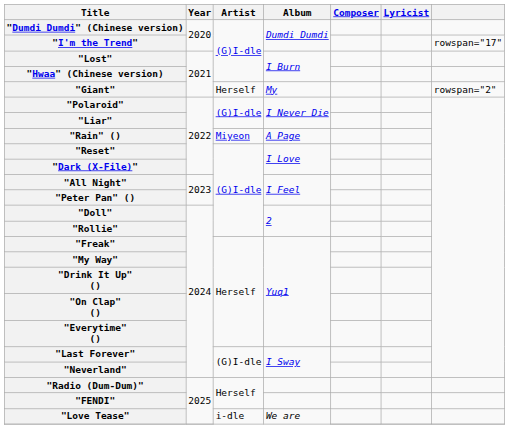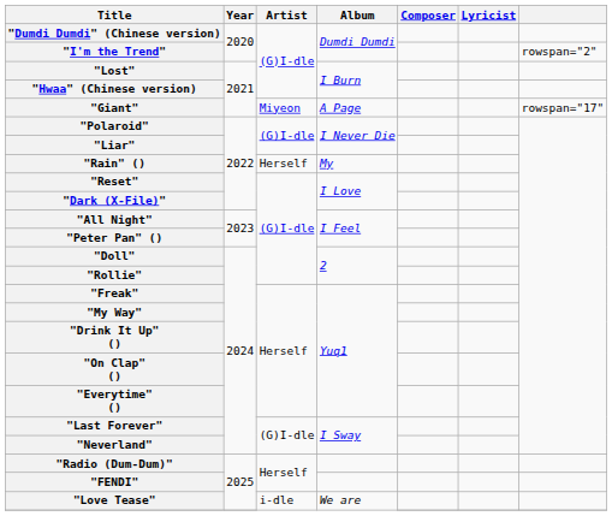 <table class="wikitable plainrowheaders">
 <tr>
 <th scope="col">Title</th>
 <th scope="col">Year</th>
 <th scope="col">Artist</th>
 <th scope="col">Album</th>
 <th scope="col"><a href='#'>Composer</a></th>
 <th scope="col"><a href='#'>Lyricist</a></th>
 <th scope="col" class="unsortable"></th>
 </tr>
 <tr>
 <th scope="row">"<a href='#'>Dumdi Dumdi</a>" (Chinese version)</th>
 <td rowspan="2" style="text-align:center">2020</td>
 <td rowspan="4"><a href='#'>(G)I-dle</a></td>
 <td rowspan="2"><em><a href='#'>Dumdi Dumdi</a></em></td>
 <td></td>
 <td></td>
 <td style="text-align:center"></td>
 </tr>
 <tr>
 <th scope="row">"<a href='#'>I'm the Trend</a>"</th>
 <td></td>
 <td></td>
-<td>rowspan="17"  </td>
+<td>rowspan="2" </td>
 </tr>
 <tr>
 <th scope="row">"Lost"</th>
 <td rowspan="3" style="text-align:center">2021</td>
 <td rowspan="2"><em><a href='#'>I Burn</a></em></td>
 <td></td>
 <td></td>
 </tr>
 <tr>
 <th scope="row">"<a href='#'>Hwaa</a>" (Chinese version)</th>
 <td></td>
 <td></td>
 <td style="text-align:center"></td>
 </tr>
 <tr>
 <th scope="row">"Giant"</th>
-<td>Herself</td>
-<td><em><a href='#'>My</a></em></td>
+<td><a href='#'>Miyeon</a></td>
+<td><em><a href='#'>A Page</a></em></td>
 <td></td>
 <td></td>
-<td>rowspan="2" </td>
+<td>rowspan="17"  </td>
 </tr>
 <tr>
 <th scope="row">"Polaroid"</th>
 <td rowspan="5" style="text-align:center">2022</td>
 <td rowspan="2"><a href='#'>(G)I-dle</a></td>
 <td rowspan="2"><em><a href='#'>I Never Die</a></em></td>
 <td></td>
 <td></td>
 </tr>
 <tr>
 <th scope="row">"Liar"</th>
 <td></td>
 <td></td>
 </tr>
 <tr>
 <th scope="row">"Rain" ()</th>
-<td><a href='#'>Miyeon</a></td>
-<td><em><a href='#'>A Page</a></em></td>
+<td>Herself</td>
+<td><em><a href='#'>My</a></em></td>
 <td></td>
 <td></td>
 </tr>
 <tr>
 <th scope="row">"Reset"</th>
 <td rowspan="6"><a href='#'>(G)I-dle</a></td>
 <td rowspan="2"><em><a href='#'>I Love</a></em></td>
 <td></td>
 <td></td>
 </tr>
 <tr>
 <th scope="row">"<a href='#'>Dark (X-File)</a>"</th>
 <td></td>
 <td></td>
 </tr>
 <tr>
 <th scope="row">"All Night"</th>
 <td rowspan="2" style="text-align:center">2023</td>
 <td rowspan="2"><em><a href='#'>I Feel</a></em></td>
 <td></td>
 <td></td>
 </tr>
 <tr>
 <th scope="row">"Peter Pan" ()</th>
 <td></td>
 <td></td>
 </tr>
 <tr>
 <th scope="row">"Doll"</th>
 <td rowspan="9" style="text-align:center">2024</td>
 <td rowspan="2"><em><a href='#'>2</a></em></td>
 <td></td>
 <td></td>
 </tr>
 <tr>
 <th scope="row">"Rollie"</th>
 <td></td>
 <td></td>
 </tr>
 <tr>
 <th scope="row">"Freak"</th>
 <td rowspan="5">Herself</td>
 <td rowspan="5"><em><a href='#'>Yuq1</a></em></td>
 <td></td>
 <td></td>
 </tr>
 <tr>
 <th scope="row">"My Way"</th>
 <td></td>
 <td></td>
 </tr>
 <tr>
 <th scope="row">"Drink It Up"<br>()</th>
 <td></td>
 <td></td>
 </tr>
 <tr>
 <th scope="row">"On Clap"<br>()</th>
 <td></td>
 <td></td>
 </tr>
 <tr>
 <th scope="row">"Everytime"<br>()</th>
 <td></td>
 <td></td>
 </tr>
 <tr>
 <th scope="row">"Last Forever"</th>
 <td rowspan="2">(G)I-dle</td>
 <td rowspan="2"><em><a href='#'>I Sway</a></em></td>
 <td></td>
 <td></td>
 </tr>
 <tr>
 <th scope="row">"Neverland"</th>
 <td></td>
 <td></td>
 </tr>
 <tr>
 <th scope="row">"Radio (Dum-Dum)"</th>
 <td rowspan="3">2025</td>
 <td rowspan="2">Herself</td>
 <td></td>
 <td></td>
 <td></td>
 <td style="text-align:center"></td>
 </tr>
 <tr>
 <th scope="row">"FENDI"</th>
 <td></td>
 <td></td>
 <td></td>
 <td style="text-align:center"></td>
 </tr>
 <tr>
 <th scope="row">"Love Tease"</th>
 <td rowspan="2">i-dle</td>
 <td rowspan="2"><em>We are</em></td>
 <td></td>
 <td></td>
 <td style="text-align:center"></td>
 </tr>
 <tr>
 </tr>
 </table>
